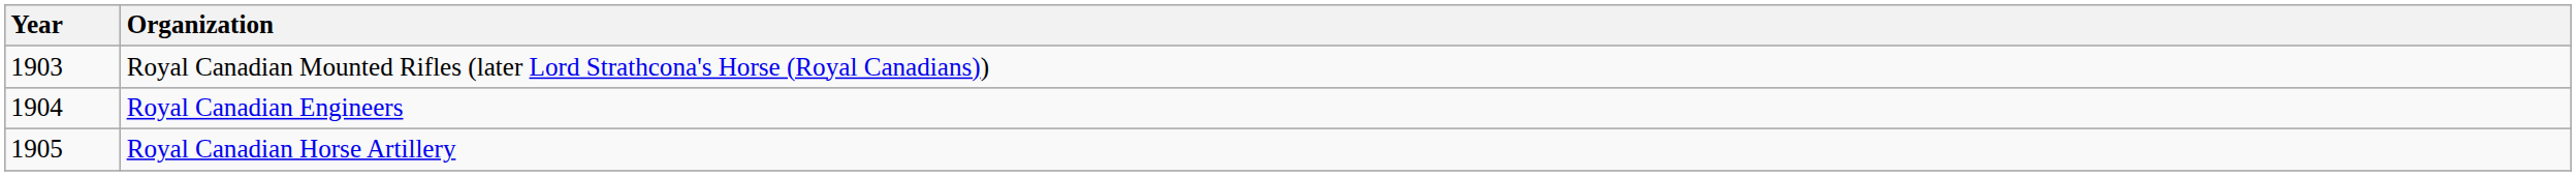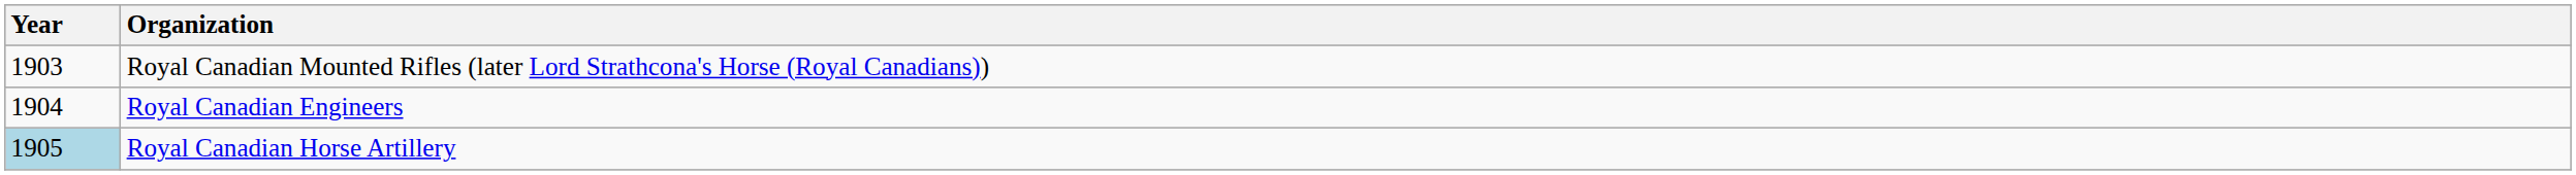 <table class="wikitable" style="width:100%">
 <tr>
 <th style="width:4em;text-align:left">Year</th>
 <th style="text-align:left">Organization</th>
 </tr>
 <tr>
 <td>1903</td>
 <td>Royal Canadian Mounted Rifles (later <a href='#'>Lord Strathcona's Horse (Royal Canadians)</a>)</td>
 </tr>
 <tr>
 <td>1904</td>
 <td><a href='#'>Royal Canadian Engineers</a></td>
 </tr>
 <tr>
-<td>1905</td>
+<td style="background: lightblue;">1905</td>
 <td><a href='#'>Royal Canadian Horse Artillery</a></td>
 </tr>
 </table>
